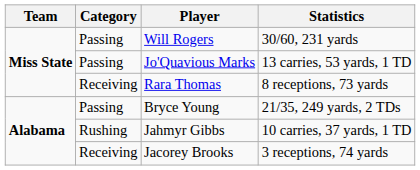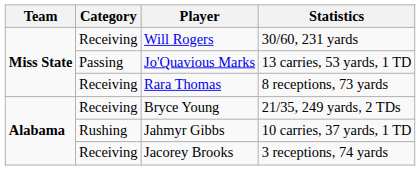 <table class="wikitable" style="float: right;">
 <tr>
 <th>Team</th>
 <th>Category</th>
 <th>Player</th>
 <th>Statistics</th>
 </tr>
 <tr>
 <td rowspan=3><strong>Miss State</strong></td>
-<td>Passing</td>
+<td>Receiving</td>
 <td><a href='#'>Will Rogers</a></td>
 <td>30/60, 231 yards</td>
 </tr>
 <tr>
 <td>Passing</td>
 <td><a href='#'>Jo'Quavious Marks</a></td>
 <td>13 carries, 53 yards, 1 TD</td>
 </tr>
 <tr>
 <td>Receiving</td>
 <td><a href='#'>Rara Thomas</a></td>
 <td>8 receptions, 73 yards</td>
 </tr>
 <tr>
 <td rowspan=3><strong>Alabama</strong></td>
-<td>Passing</td>
+<td>Receiving</td>
 <td>Bryce Young</td>
 <td>21/35, 249 yards, 2 TDs</td>
 </tr>
 <tr>
 <td>Rushing</td>
 <td>Jahmyr Gibbs</td>
 <td>10 carries, 37 yards, 1 TD</td>
 </tr>
 <tr>
 <td>Receiving</td>
 <td>Jacorey Brooks</td>
 <td>3 receptions, 74 yards</td>
 </tr>
 </table>
